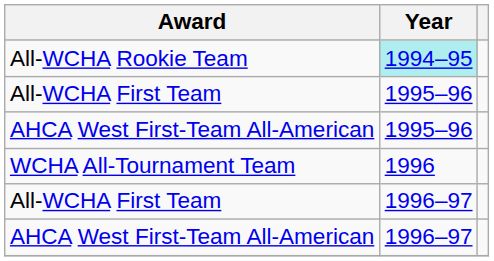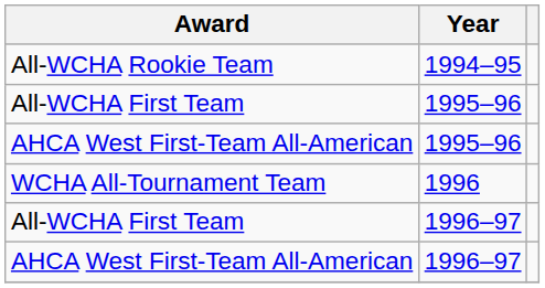 <table class="wikitable">
 <tr>
 <th>Award</th>
 <th>Year</th>
 <th></th>
 </tr>
 <tr>
 <td>All-<a href='#'>WCHA</a> <a href='#'>Rookie Team</a></td>
-<td style="background: paleturquoise;"><a href='#'>1994–95</a></td>
+<td><a href='#'>1994–95</a></td>
 <td></td>
 </tr>
 <tr>
 <td>All-<a href='#'>WCHA</a> <a href='#'>First Team</a></td>
 <td><a href='#'>1995–96</a></td>
 <td></td>
 </tr>
 <tr>
 <td><a href='#'>AHCA</a> <a href='#'>West First-Team All-American</a></td>
 <td><a href='#'>1995–96</a></td>
 <td></td>
 </tr>
 <tr>
 <td><a href='#'>WCHA</a> <a href='#'>All-Tournament Team</a></td>
 <td><a href='#'>1996</a></td>
 <td></td>
 </tr>
 <tr>
 <td>All-<a href='#'>WCHA</a> <a href='#'>First Team</a></td>
 <td><a href='#'>1996–97</a></td>
 <td></td>
 </tr>
 <tr>
 <td><a href='#'>AHCA</a> <a href='#'>West First-Team All-American</a></td>
 <td><a href='#'>1996–97</a></td>
 <td></td>
 </tr>
 <tr>
 </tr>
 </table>
